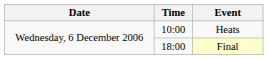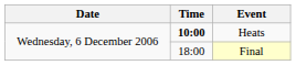 <table class = "wikitable" style="text-align:center;">
 <tr>
 <th width=220>Date</th>
 <th width=50>Time</th>
 <th width=100>Event</th>
 </tr>
 <tr>
 <td rowspan=2>Wednesday, 6 December 2006</td>
-<td>10:00</td>
+<td><strong>10:00</strong></td>
 <td>Heats</td>
 </tr>
 <tr>
 <td>18:00</td>
 <td bgcolor=ffffcc>Final</td>
 </tr>
 </table>
